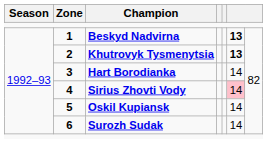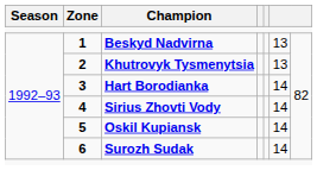 <table class="wikitable" align=center style="border:2px black; font-size:90%;">
 <tr>
 <th>Season</th>
 <th>Zone</th>
 <th>Champion</th>
 <th></th>
 <th></th>
 <th colspan=2></th>
 </tr>
 <tr>
 <td colspan=5 style="border:1px black;"></td>
 </tr>
 <tr>
 <td rowspan=6 align=center><a href='#'>1992–93</a></td>
 <td align=center><strong>1</strong></td>
 <td><strong><a href='#'>Beskyd Nadvirna</a></strong></td>
 <td></td>
 <td></td>
-<td align=center><strong>13</strong></td>
+<td align=center>13</td>
 <td align=center rowspan=6>82</td>
 </tr>
 <tr>
 <td align=center><strong>2</strong></td>
 <td><strong><a href='#'>Khutrovyk Tysmenytsia</a></strong></td>
 <td></td>
 <td></td>
-<td align=center><strong>13</strong></td>
+<td align=center>13</td>
 </tr>
 <tr>
 <td align=center><strong>3</strong></td>
 <td><strong><a href='#'>Hart Borodianka</a></strong></td>
 <td></td>
 <td></td>
 <td align=center>14</td>
 </tr>
 <tr>
 <td align=center><strong>4</strong></td>
 <td><strong><a href='#'>Sirius Zhovti Vody</a></strong></td>
 <td></td>
 <td></td>
-<td align=center style="background: pink;">14</td>
+<td align=center>14</td>
 </tr>
 <tr>
 <td align=center><strong>5</strong></td>
 <td><strong><a href='#'>Oskil Kupiansk</a></strong></td>
 <td></td>
 <td></td>
 <td align=center>14</td>
 </tr>
 <tr>
 <td align=center><strong>6</strong></td>
 <td><strong><a href='#'>Surozh Sudak</a></strong></td>
 <td></td>
 <td></td>
 <td align=center>14</td>
 </tr>
 <tr>
 <td colspan=5 style="border:1px black;"></td>
 </tr>
 </table>
